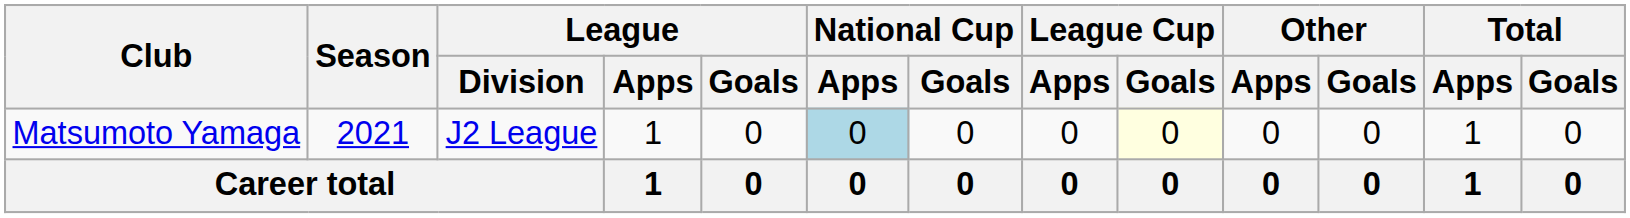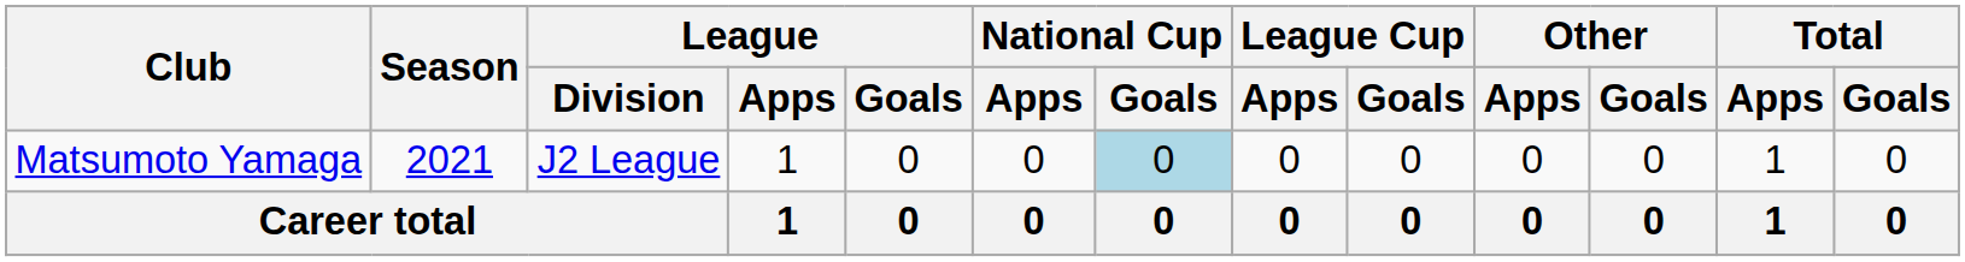 <table class="wikitable" style="text-align: center">
 <tr>
 <th rowspan="2">Club</th>
 <th rowspan="2">Season</th>
 <th colspan="3">League</th>
 <th colspan="2">National Cup</th>
 <th colspan="2">League Cup</th>
 <th colspan="2">Other</th>
 <th colspan="2">Total</th>
 </tr>
 <tr>
 <th>Division</th>
 <th>Apps</th>
 <th>Goals</th>
 <th>Apps</th>
 <th>Goals</th>
 <th>Apps</th>
 <th>Goals</th>
 <th>Apps</th>
 <th>Goals</th>
 <th>Apps</th>
 <th>Goals</th>
 </tr>
 <tr>
 <td><a href='#'>Matsumoto Yamaga</a></td>
 <td><a href='#'>2021</a></td>
 <td><a href='#'>J2 League</a></td>
 <td>1</td>
 <td>0</td>
+<td>0</td>
 <td style="background: lightblue;">0</td>
 <td>0</td>
 <td>0</td>
-<td style="background: lightyellow;">0</td>
 <td>0</td>
 <td>0</td>
 <td>1</td>
 <td>0</td>
 </tr>
 <tr>
 <th colspan=3>Career total</th>
 <th>1</th>
 <th>0</th>
 <th>0</th>
 <th>0</th>
 <th>0</th>
 <th>0</th>
 <th>0</th>
 <th>0</th>
 <th>1</th>
 <th>0</th>
 </tr>
 </table>
